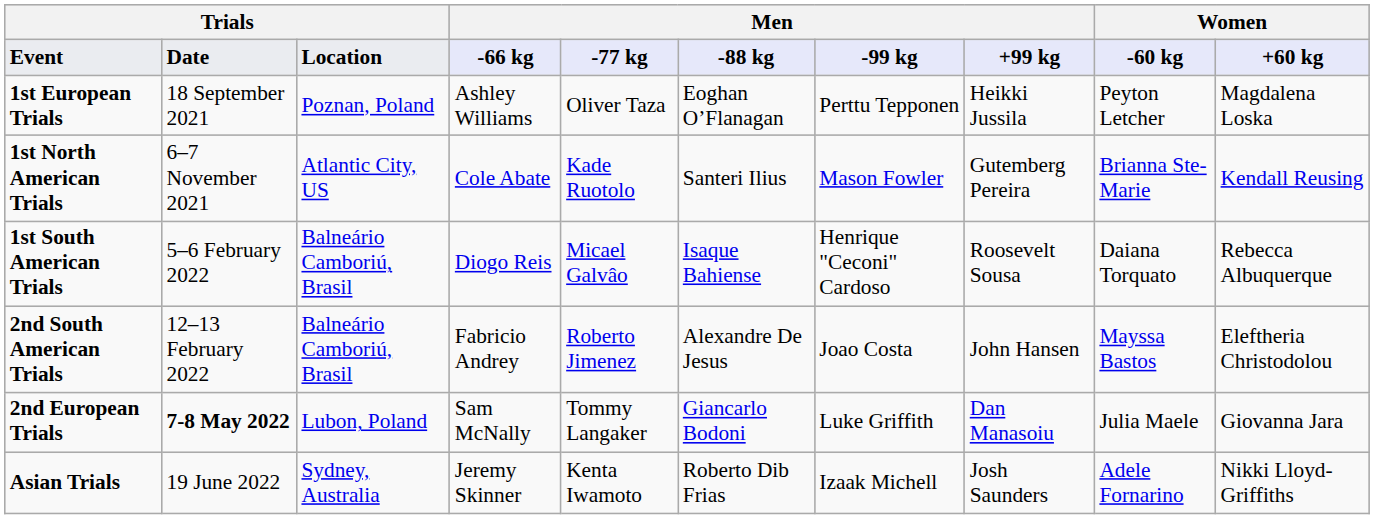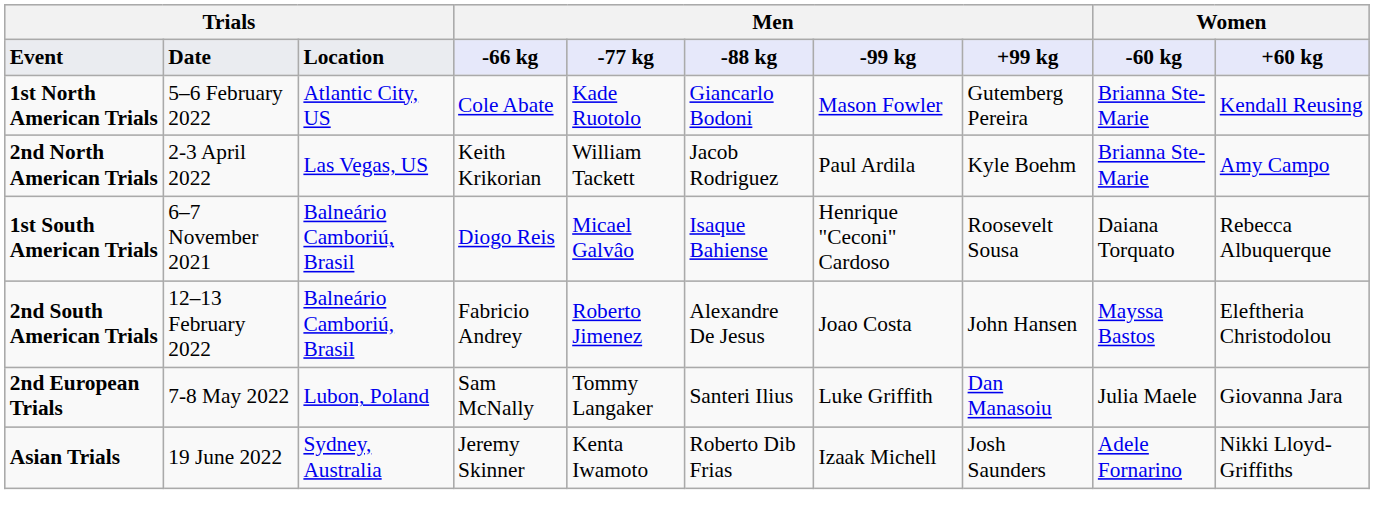 <table class="wikitable" style="font-size: 85%;">
 <tr>
 <th colspan="3" style="width: 80px"><strong>Trials</strong></th>
 <th colspan="5" style="width: 110px"><strong>Men</strong></th>
 <th colspan="2" style="width: 110px"><strong>Women</strong></th>
 </tr>
 <tr>
 <td style="background-color: #EAECF0"><strong>Event</strong></td>
 <td style="background-color: #EAECF0"><strong>Date</strong></td>
 <td style="background-color: #EAECF0"><strong>Location</strong></td>
 <th colspan="1" style="background-color: #E6E8FA; color: #000000; text-align: center;">-66 kg</th>
 <th colspan="1" style="background-color: #E6E8FA; color: #000000; text-align: center;">-77 kg</th>
 <th colspan="1" style="background-color: #E6E8FA; color: #000000; text-align: center;">-88 kg</th>
 <th colspan="1" style="background-color: #E6E8FA; color: #000000; text-align: center;">-99 kg</th>
 <th colspan="1" style="background-color: #E6E8FA; color: #000000; text-align: center;">+99 kg</th>
 <th colspan="1" style="background-color: #E6E8FA; color: #000000; text-align: center;">-60 kg</th>
 <th colspan="1" style="background-color: #E6E8FA; color: #000000; text-align: center;">+60 kg</th>
 </tr>
 <tr>
-<td><strong>1st European Trials</strong></td>
-<td>18 September 2021</td>
-<td> <a href='#'>Poznan, Poland</a></td>
-<td> Ashley Williams</td>
-<td> Oliver Taza</td>
-<td> Eoghan O’Flanagan</td>
-<td> Perttu Tepponen</td>
-<td> Heikki Jussila</td>
-<td> Peyton Letcher</td>
-<td> Magdalena Loska</td>
-</tr>
-<tr>
 <td><strong>1st North American Trials</strong></td>
-<td>6–7 November 2021</td>
+<td>5–6 February 2022</td>
 <td> <a href='#'>Atlantic City, US</a></td>
 <td> <a href='#'>Cole Abate</a></td>
 <td> <a href='#'>Kade Ruotolo</a></td>
-<td> Santeri Ilius</td>
+<td> <a href='#'>Giancarlo Bodoni</a></td>
 <td> <a href='#'>Mason Fowler</a></td>
 <td> Gutemberg Pereira </td>
 <td> <a href='#'>Brianna Ste-Marie</a></td>
 <td> <a href='#'>Kendall Reusing</a></td>
 </tr>
 <tr>
+<td><strong>2nd North American Trials</strong></td>
+<td>2-3 April 2022</td>
+<td> <a href='#'>Las Vegas, US</a></td>
+<td> Keith Krikorian</td>
+<td> William Tackett</td>
+<td> Jacob Rodriguez</td>
+<td> Paul Ardila</td>
+<td> Kyle Boehm </td>
+<td> <a href='#'>Brianna Ste-Marie</a></td>
+<td> <a href='#'>Amy Campo</a></td>
+</tr>
+<tr>
 <td><strong>1st South American Trials</strong></td>
-<td>5–6 February 2022</td>
+<td>6–7 November 2021</td>
 <td> <a href='#'>Balneário Camboriú, Brasil</a></td>
 <td> <a href='#'>Diogo Reis</a></td>
 <td> <a href='#'>Micael Galvâo</a></td>
 <td> <a href='#'>Isaque Bahiense</a></td>
 <td> Henrique "Ceconi" Cardoso</td>
 <td> Roosevelt Sousa</td>
 <td> Daiana Torquato</td>
 <td> Rebecca Albuquerque</td>
 </tr>
 <tr>
 <td><strong>2nd South American Trials</strong></td>
 <td>12–13 February 2022</td>
 <td> <a href='#'>Balneário Camboriú, Brasil</a></td>
 <td> Fabricio Andrey</td>
 <td> <a href='#'>Roberto Jimenez</a></td>
 <td> Alexandre De Jesus</td>
 <td> Joao Costa</td>
 <td> John Hansen</td>
 <td> <a href='#'>Mayssa Bastos</a></td>
 <td> Eleftheria Christodolou</td>
 </tr>
 <tr>
 <td><strong>2nd European Trials</strong></td>
-<td><strong>7-8 May 2022</strong></td>
+<td>7-8 May 2022</td>
 <td> <a href='#'>Lubon, Poland</a></td>
 <td> Sam McNally</td>
 <td> Tommy Langaker</td>
-<td> <a href='#'>Giancarlo Bodoni</a></td>
+<td> Santeri Ilius</td>
 <td> Luke Griffith</td>
 <td> <a href='#'>Dan Manasoiu</a></td>
 <td> Julia Maele</td>
 <td> Giovanna Jara</td>
 </tr>
 <tr>
 <td><strong>Asian Trials</strong></td>
 <td>19 June 2022</td>
 <td> <a href='#'>Sydney, Australia</a></td>
 <td> Jeremy Skinner</td>
 <td> Kenta Iwamoto</td>
 <td> Roberto Dib Frias</td>
 <td> Izaak Michell</td>
 <td> Josh Saunders</td>
 <td> <a href='#'>Adele Fornarino</a></td>
 <td> Nikki Lloyd-Griffiths</td>
 </tr>
 </table>
